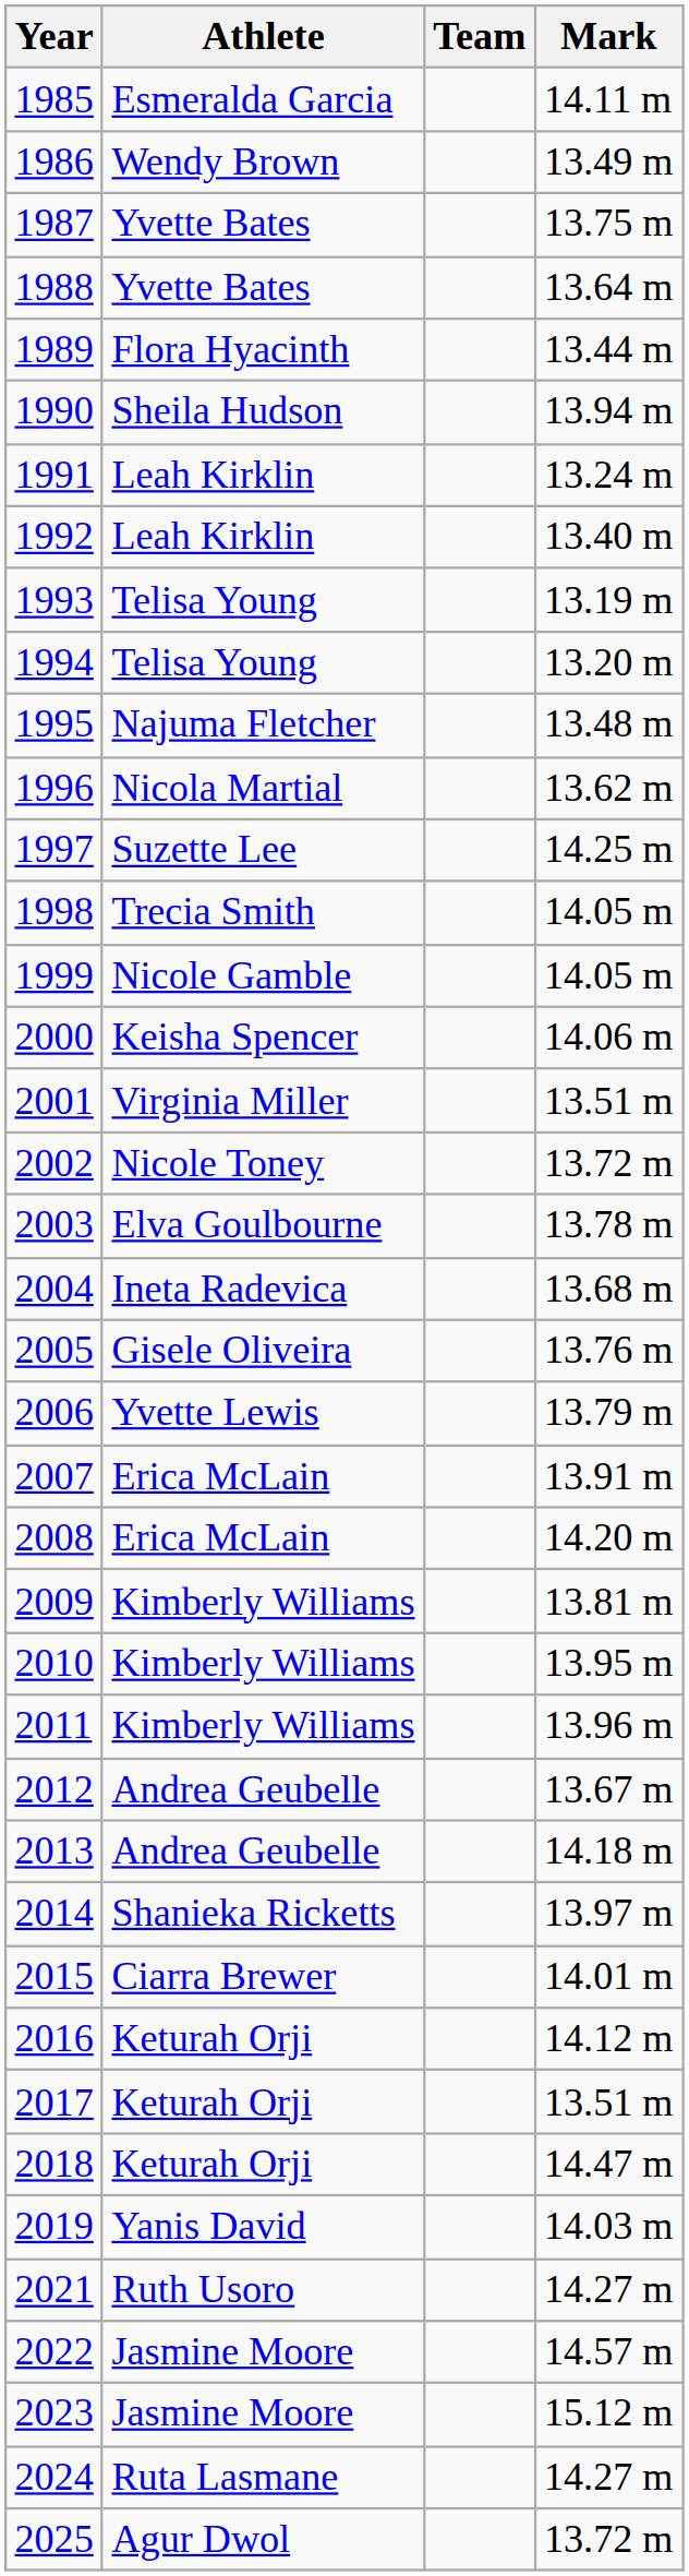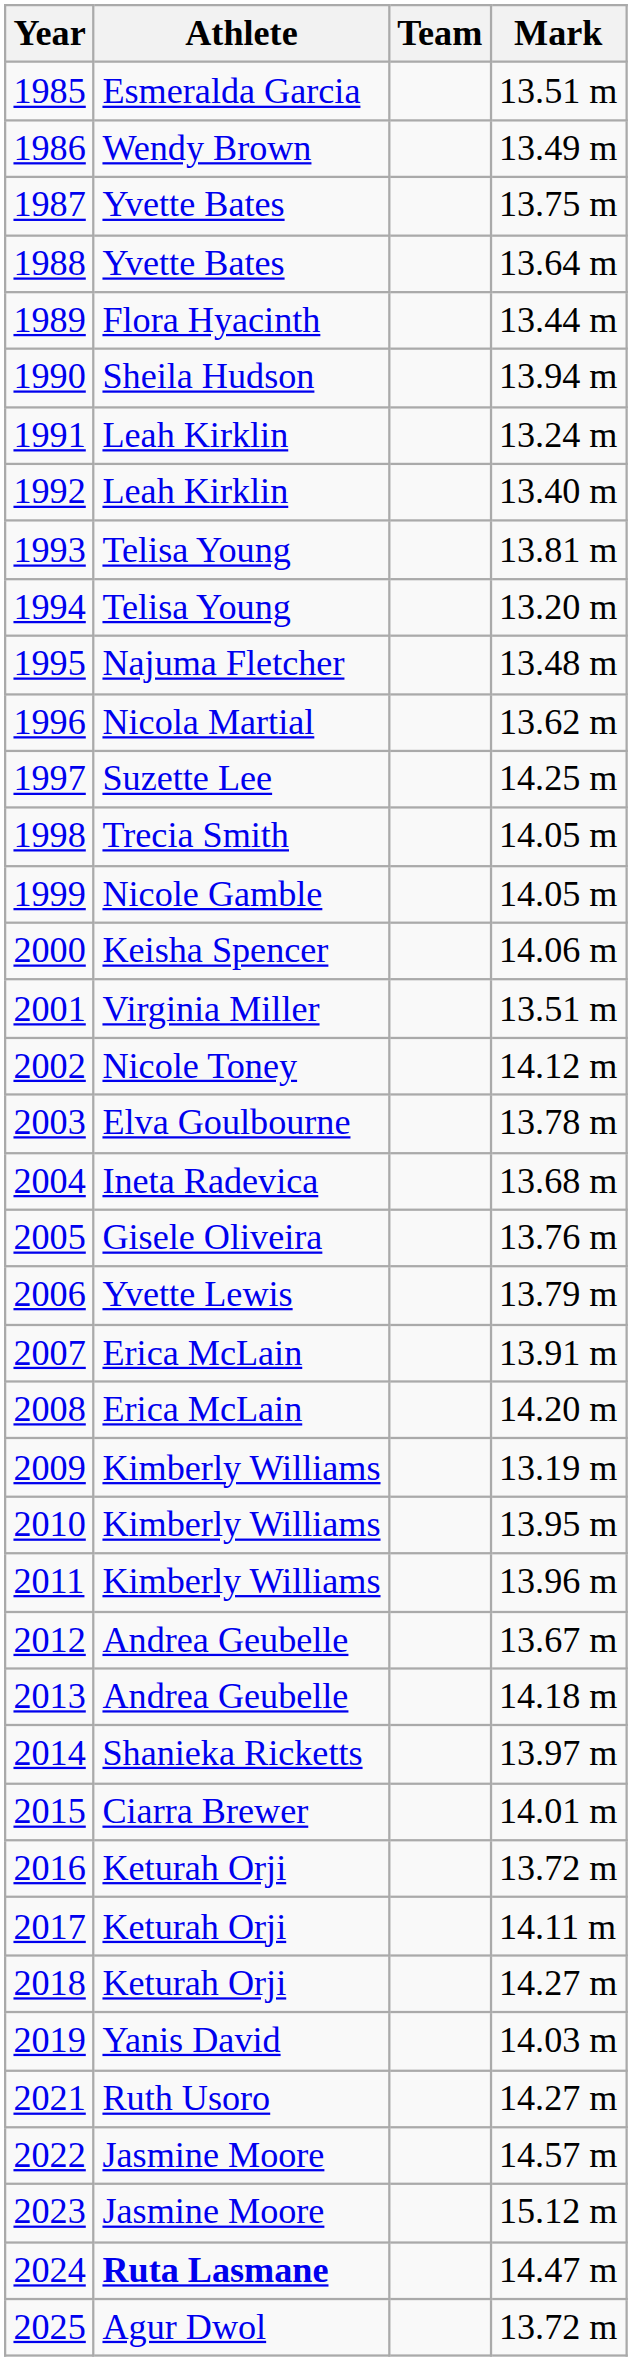 <table class="wikitable sortable">
 <tr>
 <th>Year</th>
 <th>Athlete</th>
 <th>Team</th>
 <th>Mark</th>
 </tr>
 <tr>
 <td><a href='#'>1985</a></td>
 <td><a href='#'>Esmeralda Garcia</a></td>
 <td></td>
-<td>14.11 m</td>
+<td>13.51 m</td>
 </tr>
 <tr>
 <td><a href='#'>1986</a></td>
 <td><a href='#'>Wendy Brown</a></td>
 <td></td>
 <td>13.49 m</td>
 </tr>
 <tr>
 <td><a href='#'>1987</a></td>
 <td><a href='#'>Yvette Bates</a></td>
 <td></td>
 <td>13.75 m</td>
 </tr>
 <tr>
 <td><a href='#'>1988</a></td>
 <td><a href='#'>Yvette Bates</a></td>
 <td></td>
 <td>13.64 m</td>
 </tr>
 <tr>
 <td><a href='#'>1989</a></td>
 <td><a href='#'>Flora Hyacinth</a></td>
 <td></td>
 <td>13.44 m</td>
 </tr>
 <tr>
 <td><a href='#'>1990</a></td>
 <td><a href='#'>Sheila Hudson</a></td>
 <td></td>
 <td>13.94 m</td>
 </tr>
 <tr>
 <td><a href='#'>1991</a></td>
 <td><a href='#'>Leah Kirklin</a></td>
 <td></td>
 <td>13.24 m</td>
 </tr>
 <tr>
 <td><a href='#'>1992</a></td>
 <td><a href='#'>Leah Kirklin</a></td>
 <td></td>
 <td>13.40 m</td>
 </tr>
 <tr>
 <td><a href='#'>1993</a></td>
 <td><a href='#'>Telisa Young</a></td>
 <td></td>
-<td>13.19 m</td>
+<td>13.81 m</td>
 </tr>
 <tr>
 <td><a href='#'>1994</a></td>
 <td><a href='#'>Telisa Young</a></td>
 <td></td>
 <td>13.20 m</td>
 </tr>
 <tr>
 <td><a href='#'>1995</a></td>
 <td><a href='#'>Najuma Fletcher</a></td>
 <td></td>
 <td>13.48 m</td>
 </tr>
 <tr>
 <td><a href='#'>1996</a></td>
 <td><a href='#'>Nicola Martial</a></td>
 <td></td>
 <td>13.62 m</td>
 </tr>
 <tr>
 <td><a href='#'>1997</a></td>
 <td><a href='#'>Suzette Lee</a></td>
 <td></td>
 <td>14.25 m</td>
 </tr>
 <tr>
 <td><a href='#'>1998</a></td>
 <td><a href='#'>Trecia Smith</a></td>
 <td></td>
 <td>14.05 m</td>
 </tr>
 <tr>
 <td><a href='#'>1999</a></td>
 <td><a href='#'>Nicole Gamble</a></td>
 <td></td>
 <td>14.05 m</td>
 </tr>
 <tr>
 <td><a href='#'>2000</a></td>
 <td><a href='#'>Keisha Spencer</a></td>
 <td></td>
 <td>14.06 m</td>
 </tr>
 <tr>
 <td><a href='#'>2001</a></td>
 <td><a href='#'>Virginia Miller</a></td>
 <td></td>
 <td>13.51 m</td>
 </tr>
 <tr>
 <td><a href='#'>2002</a></td>
 <td><a href='#'>Nicole Toney</a></td>
 <td></td>
-<td>13.72 m</td>
+<td>14.12 m</td>
 </tr>
 <tr>
 <td><a href='#'>2003</a></td>
 <td><a href='#'>Elva Goulbourne</a></td>
 <td></td>
 <td>13.78 m</td>
 </tr>
 <tr>
 <td><a href='#'>2004</a></td>
 <td><a href='#'>Ineta Radevica</a></td>
 <td></td>
 <td>13.68 m</td>
 </tr>
 <tr>
 <td><a href='#'>2005</a></td>
 <td><a href='#'>Gisele Oliveira</a></td>
 <td></td>
 <td>13.76 m</td>
 </tr>
 <tr>
 <td><a href='#'>2006</a></td>
 <td><a href='#'>Yvette Lewis</a></td>
 <td></td>
 <td>13.79 m</td>
 </tr>
 <tr>
 <td><a href='#'>2007</a></td>
 <td><a href='#'>Erica McLain</a></td>
 <td></td>
 <td>13.91 m</td>
 </tr>
 <tr>
 <td><a href='#'>2008</a></td>
 <td><a href='#'>Erica McLain</a></td>
 <td></td>
 <td>14.20 m</td>
 </tr>
 <tr>
 <td><a href='#'>2009</a></td>
 <td><a href='#'>Kimberly Williams</a></td>
 <td></td>
-<td>13.81 m</td>
+<td>13.19 m</td>
 </tr>
 <tr>
 <td><a href='#'>2010</a></td>
 <td><a href='#'>Kimberly Williams</a></td>
 <td></td>
 <td>13.95 m</td>
 </tr>
 <tr>
 <td><a href='#'>2011</a></td>
 <td><a href='#'>Kimberly Williams</a></td>
 <td></td>
 <td>13.96 m</td>
 </tr>
 <tr>
 <td><a href='#'>2012</a></td>
 <td><a href='#'>Andrea Geubelle</a></td>
 <td></td>
 <td>13.67 m</td>
 </tr>
 <tr>
 <td><a href='#'>2013</a></td>
 <td><a href='#'>Andrea Geubelle</a></td>
 <td></td>
 <td>14.18 m</td>
 </tr>
 <tr>
 <td><a href='#'>2014</a></td>
 <td><a href='#'>Shanieka Ricketts</a></td>
 <td></td>
 <td>13.97 m</td>
 </tr>
 <tr>
 <td><a href='#'>2015</a></td>
 <td><a href='#'>Ciarra Brewer</a></td>
 <td></td>
 <td>14.01 m</td>
 </tr>
 <tr>
 <td><a href='#'>2016</a></td>
 <td><a href='#'>Keturah Orji</a></td>
 <td></td>
-<td>14.12 m</td>
+<td>13.72 m</td>
 </tr>
 <tr>
 <td><a href='#'>2017</a></td>
 <td><a href='#'>Keturah Orji</a></td>
 <td></td>
-<td>13.51 m</td>
+<td>14.11 m</td>
 </tr>
 <tr>
 <td><a href='#'>2018</a></td>
 <td><a href='#'>Keturah Orji</a></td>
 <td></td>
-<td>14.47 m</td>
+<td>14.27 m</td>
 </tr>
 <tr>
 <td><a href='#'>2019</a></td>
 <td><a href='#'>Yanis David</a></td>
 <td></td>
 <td>14.03 m</td>
 </tr>
 <tr>
 <td><a href='#'>2021</a></td>
 <td><a href='#'>Ruth Usoro</a></td>
 <td></td>
 <td>14.27 m</td>
 </tr>
 <tr>
 <td><a href='#'>2022</a></td>
 <td><a href='#'>Jasmine Moore</a></td>
 <td></td>
 <td>14.57 m</td>
 </tr>
 <tr>
 <td><a href='#'>2023</a></td>
 <td><a href='#'>Jasmine Moore</a></td>
 <td></td>
 <td>15.12 m</td>
 </tr>
 <tr>
 <td><a href='#'>2024</a></td>
-<td><a href='#'>Ruta Lasmane</a></td>
+<td><strong><a href='#'>Ruta Lasmane</a></strong></td>
 <td></td>
-<td>14.27 m</td>
+<td>14.47 m</td>
 </tr>
 <tr>
 <td><a href='#'>2025</a></td>
 <td><a href='#'>Agur Dwol</a></td>
 <td></td>
 <td>13.72 m</td>
 </tr>
 </table>
